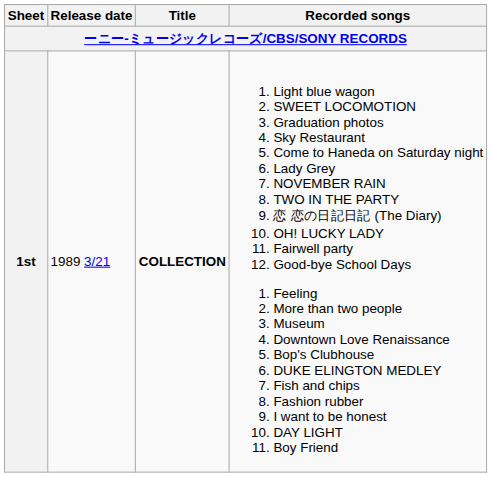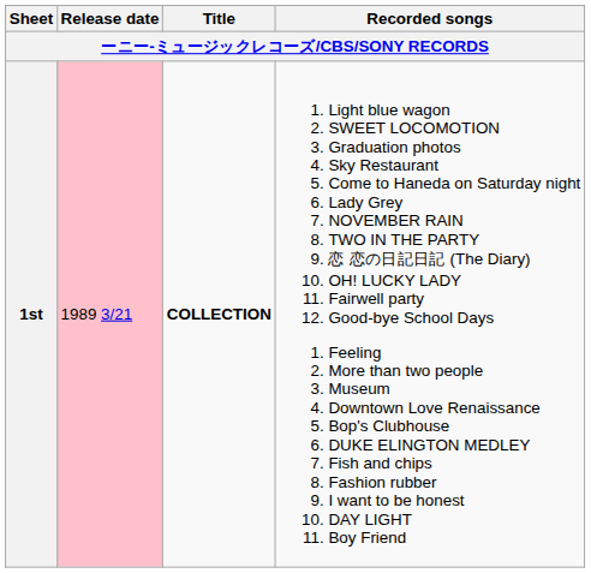 <table class="wikitable" style="font-size:small">
 <tr>
 <th>Sheet</th>
 <th>Release date</th>
 <th>Title</th>
 <th>Recorded songs</th>
 </tr>
 <tr>
 <th colspan="4"><a href='#'>ーニー-ミュージックレコーズ/CBS/SONY RECORDS</a></th>
 </tr>
 <tr>
 <th>1st</th>
-<td>1989 <a href='#'>3/21</a></td>
+<td style="background: pink;">1989 <a href='#'>3/21</a></td>
 <td><strong>COLLECTION</strong></td>
 <td><br><ol><li>Light blue wagon</li><li>SWEET LOCOMOTION</li><li>Graduation photos</li><li>Sky Restaurant</li><li>Come to Haneda on Saturday night</li><li>Lady Grey</li><li>NOVEMBER RAIN</li><li>TWO IN THE PARTY</li><li>恋 恋の日記日記 (The Diary)</li><li>OH! LUCKY LADY</li><li>Fairwell party</li><li>Good-bye School Days</li></ol><ol><li>Feeling</li><li>More than two people</li><li>Museum</li><li>Downtown Love Renaissance</li><li>Bop's Clubhouse</li><li>DUKE ELINGTON MEDLEY</li><li>Fish and chips</li><li>Fashion rubber</li><li>I want to be honest</li><li>DAY LIGHT</li><li>Boy Friend</li></ol></td>
 </tr>
 </table>
